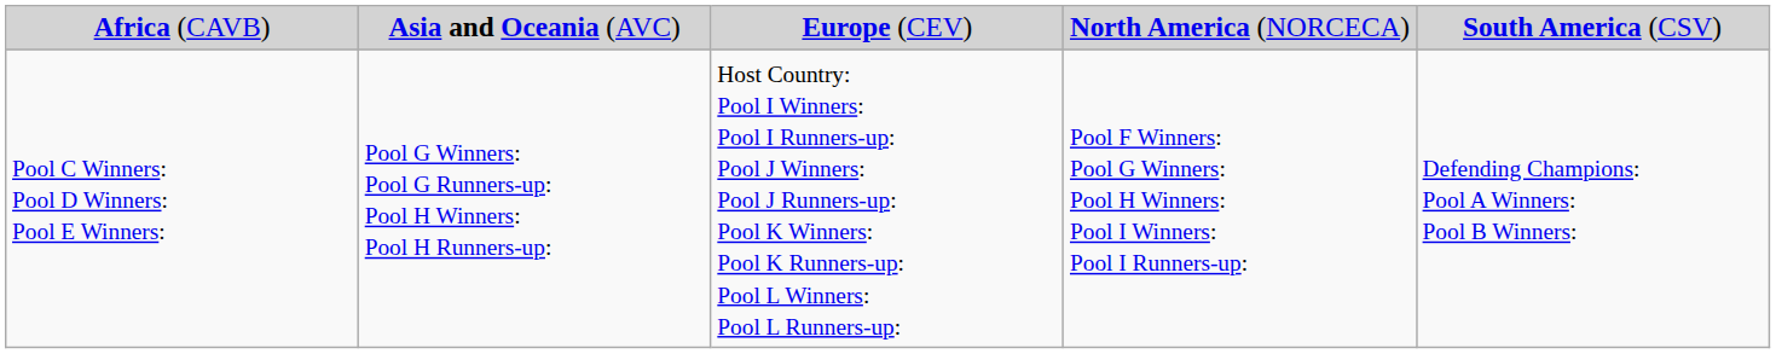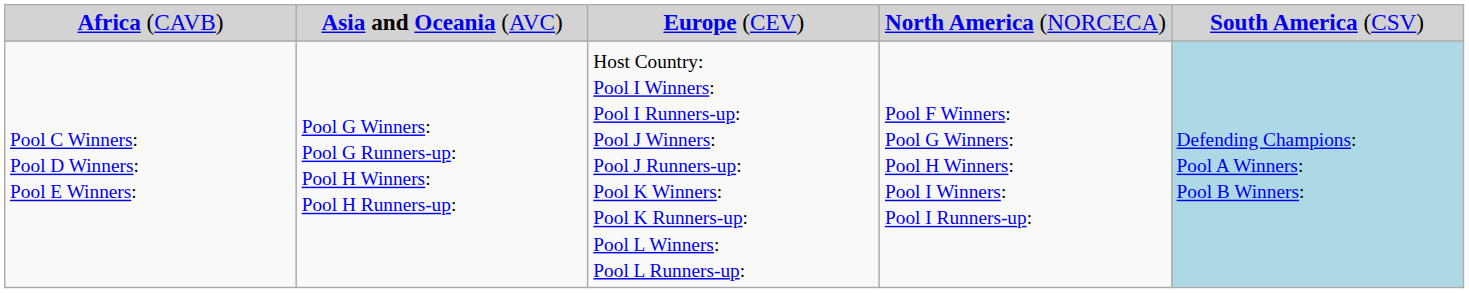 <table class="wikitable">
 <tr style="background:Lightgrey">
 <td style="width:20%; text-align:center"><strong><a href='#'>Africa</a></strong> (<a href='#'>CAVB</a>)</td>
 <td style="width:20%; text-align:center"><strong><a href='#'>Asia</a> and <a href='#'>Oceania</a></strong> (<a href='#'>AVC</a>)</td>
 <td style="width:20%; text-align:center"><strong><a href='#'>Europe</a></strong> (<a href='#'>CEV</a>)</td>
 <td style="width:20%; text-align:center"><strong><a href='#'>North America</a></strong> (<a href='#'>NORCECA</a>)</td>
 <td style="width:20%; text-align:center"><strong><a href='#'>South America</a></strong> (<a href='#'>CSV</a>)</td>
 </tr>
 <tr>
 <td><small><a href='#'>Pool C Winners</a>: <br><a href='#'>Pool D Winners</a>: <br><a href='#'>Pool E Winners</a>: </small></td>
 <td><small><a href='#'>Pool G Winners</a>: <br><a href='#'>Pool G Runners-up</a>: <br><a href='#'>Pool H Winners</a>: <br><a href='#'>Pool H Runners-up</a>: </small></td>
 <td><small>Host Country: <br><a href='#'>Pool I Winners</a>: <br><a href='#'>Pool I Runners-up</a>: <br><a href='#'>Pool J Winners</a>: <br><a href='#'>Pool J Runners-up</a>: <br><a href='#'>Pool K Winners</a>: <br><a href='#'>Pool K Runners-up</a>: <br><a href='#'>Pool L Winners</a>: <br><a href='#'>Pool L Runners-up</a>: </small></td>
 <td><small><a href='#'>Pool F Winners</a>: <br><a href='#'>Pool G Winners</a>: <br><a href='#'>Pool H Winners</a>: <br><a href='#'>Pool I Winners</a>: <br><a href='#'>Pool I Runners-up</a>: </small></td>
-<td><small><a href='#'>Defending Champions</a>: <br><a href='#'>Pool A Winners</a>: <br><a href='#'>Pool B Winners</a>: </small></td>
+<td style="background: lightblue;"><small><a href='#'>Defending Champions</a>: <br><a href='#'>Pool A Winners</a>: <br><a href='#'>Pool B Winners</a>: </small></td>
 </tr>
 </table>
